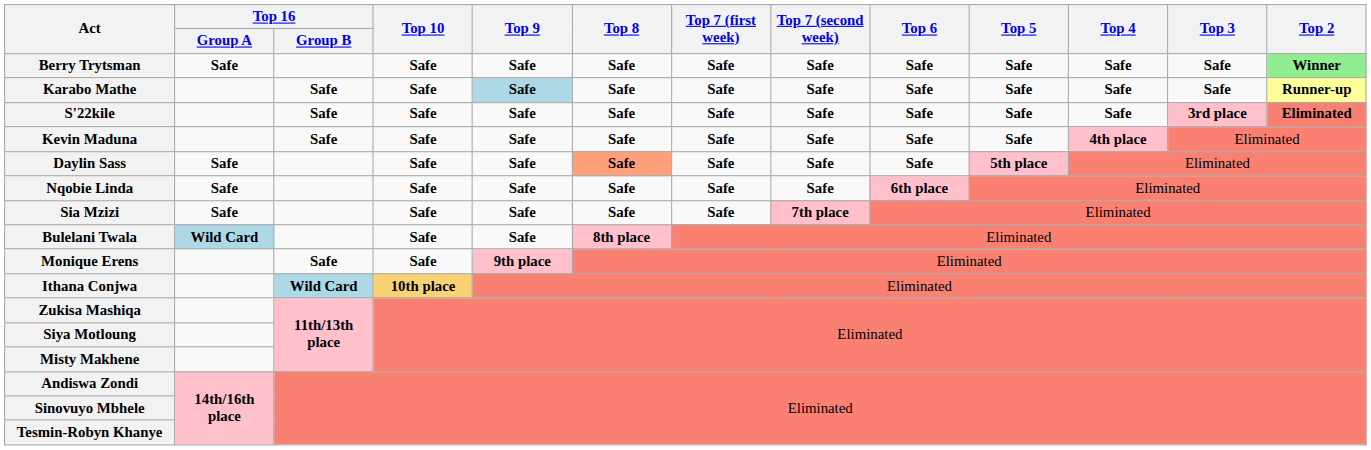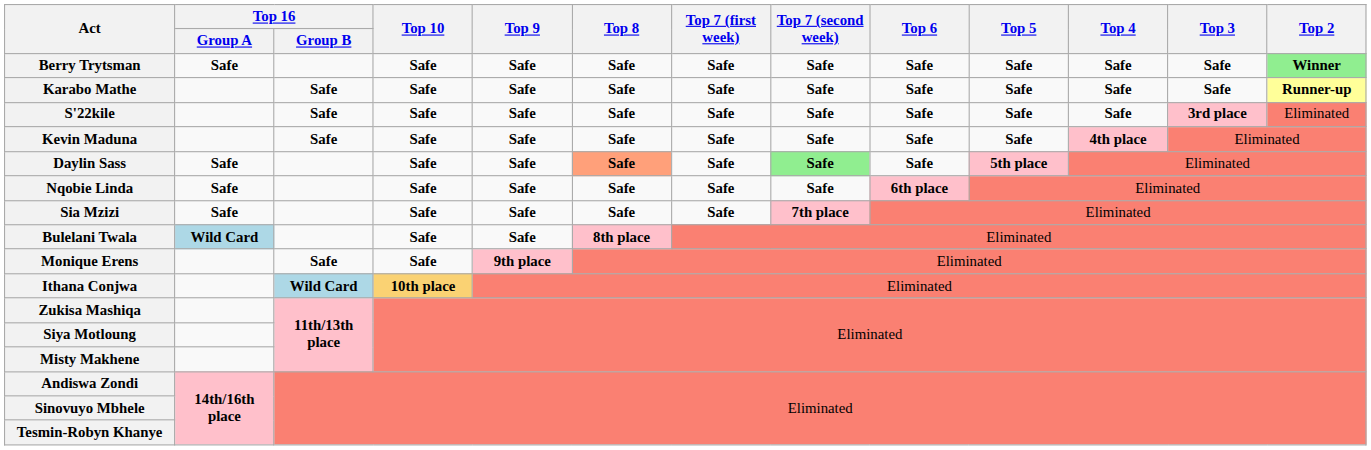 <table class="wikitable" style="text-align:center; font-size:85%">
 <tr>
 <th style="width:12%" rowspan="2"  scope="col">Act</th>
 <th style="width:7%" colspan="2" scope="col"><a href='#'>Top 16</a></th>
 <th style="width:7%" rowspan="2" scope="col"><a href='#'>Top 10</a></th>
 <th style="width:7%" rowspan="2" scope="col"><a href='#'>Top 9</a></th>
 <th style="width:7%" rowspan="2" scope="col"><a href='#'>Top 8</a></th>
 <th style="width:7%" rowspan="2" scope="col"><a href='#'>Top 7 (first week)</a></th>
 <th style="width:7%" rowspan="2" scope="col"><a href='#'>Top 7 (second week)</a></th>
 <th style="width:7%" rowspan="2" scope="col"><a href='#'>Top 6</a></th>
 <th style="width:7%" rowspan="2" scope="col"><a href='#'>Top 5</a></th>
 <th style="width:7%" rowspan="2" scope="col"><a href='#'>Top 4</a></th>
 <th style="width:7%" rowspan="2" scope="col"><a href='#'>Top 3</a></th>
 <th style="width:7%" rowspan="2" scope="col"><a href='#'>Top 2</a></th>
 </tr>
 <tr>
 <th style="width:7%"><a href='#'>Group A</a></th>
 <th style="width:7%"><a href='#'>Group B</a></th>
 </tr>
 <tr>
 <th scope="row">Berry Trytsman</th>
 <td><strong>Safe</strong></td>
 <td></td>
 <td><strong>Safe</strong></td>
 <td><strong>Safe</strong></td>
 <td><strong>Safe</strong></td>
 <td><strong>Safe</strong></td>
 <td><strong>Safe</strong></td>
 <td><strong>Safe</strong></td>
 <td><strong>Safe</strong></td>
 <td><strong>Safe</strong></td>
 <td><strong>Safe</strong></td>
 <td style="background:lightgreen"><strong>Winner</strong></td>
 </tr>
 <tr>
 <th scope="row">Karabo Mathe</th>
 <td></td>
 <td><strong>Safe</strong></td>
 <td><strong>Safe</strong></td>
-<td style="background: lightblue;"><strong>Safe</strong></td>
+<td><strong>Safe</strong></td>
 <td><strong>Safe</strong></td>
 <td><strong>Safe</strong></td>
 <td><strong>Safe</strong></td>
 <td><strong>Safe</strong></td>
 <td><strong>Safe</strong></td>
 <td><strong>Safe</strong></td>
 <td><strong>Safe</strong></td>
 <td style="background:#ff9"><strong>Runner-up</strong></td>
 </tr>
 <tr>
 <th scope="row">S'22kile</th>
 <td></td>
 <td><strong>Safe</strong></td>
 <td><strong>Safe</strong></td>
 <td><strong>Safe</strong></td>
 <td><strong>Safe</strong></td>
 <td><strong>Safe</strong></td>
 <td><strong>Safe</strong></td>
 <td><strong>Safe</strong></td>
 <td><strong>Safe</strong></td>
 <td><strong>Safe</strong></td>
 <td style="background:pink"><strong>3rd place</strong></td>
-<td style="background:salmon"><strong>Eliminated</strong></td>
+<td style="background:salmon">Eliminated</td>
 </tr>
 <tr>
 <th scope="row">Kevin Maduna</th>
 <td></td>
 <td><strong>Safe</strong></td>
 <td><strong>Safe</strong></td>
 <td><strong>Safe</strong></td>
 <td><strong>Safe</strong></td>
 <td><strong>Safe</strong></td>
 <td><strong>Safe</strong></td>
 <td><strong>Safe</strong></td>
 <td><strong>Safe</strong></td>
 <td style="background:pink"><strong>4th place</strong></td>
 <td colspan="2" style="background:salmon">Eliminated</td>
 </tr>
 <tr>
 <th scope="row">Daylin Sass</th>
 <td><strong>Safe</strong></td>
 <td></td>
 <td><strong>Safe</strong></td>
 <td><strong>Safe</strong></td>
 <td style="background: lightsalmon;"><strong>Safe</strong></td>
 <td><strong>Safe</strong></td>
-<td><strong>Safe</strong></td>
+<td style="background: lightgreen;"><strong>Safe</strong></td>
 <td><strong>Safe</strong></td>
 <td style="background:pink"><strong>5th place</strong></td>
 <td colspan="3" style="background:salmon">Eliminated</td>
 </tr>
 <tr>
 <th scope="row">Nqobie Linda</th>
 <td><strong>Safe</strong></td>
 <td></td>
 <td><strong>Safe</strong></td>
 <td><strong>Safe</strong></td>
 <td><strong>Safe</strong></td>
 <td><strong>Safe</strong></td>
 <td><strong>Safe</strong></td>
 <td style="background:pink"><strong>6th place</strong></td>
 <td colspan="4" style="background:salmon">Eliminated</td>
 </tr>
 <tr>
 <th scope="row">Sia Mzizi</th>
 <td><strong>Safe</strong></td>
 <td></td>
 <td><strong>Safe</strong></td>
 <td><strong>Safe</strong></td>
 <td><strong>Safe</strong></td>
 <td><strong>Safe</strong></td>
 <td style="background:pink"><strong>7th place</strong></td>
 <td colspan="5" style="background:salmon">Eliminated</td>
 </tr>
 <tr>
 <th scope="row">Bulelani Twala</th>
 <td style="background:#add8e6"><strong>Wild Card</strong></td>
 <td></td>
 <td><strong>Safe</strong></td>
 <td><strong>Safe</strong></td>
 <td style="background:pink"><strong>8th place</strong></td>
 <td colspan="8" style="background:salmon">Eliminated</td>
 </tr>
 <tr>
 <th scope="row">Monique Erens</th>
 <td></td>
 <td><strong>Safe</strong></td>
 <td><strong>Safe</strong></td>
 <td style="background:pink"><strong>9th place</strong></td>
 <td colspan="9" style="background:salmon">Eliminated</td>
 </tr>
 <tr>
 <th scope="row">Ithana Conjwa</th>
 <td></td>
 <td style="background:#add8e6"><strong>Wild Card</strong></td>
 <td style="background:#fad273"><strong>10th place</strong></td>
 <td colspan="10" style="background:salmon">Eliminated</td>
 </tr>
 <tr>
 <th scope="row">Zukisa Mashiqa</th>
 <td></td>
 <td rowspan="3" style="background:pink"><strong>11th/13th place</strong></td>
 <td colspan="11" rowspan="3" style="background:salmon">Eliminated</td>
 </tr>
 <tr>
 <th scope="row">Siya Motloung</th>
 <td></td>
 </tr>
 <tr>
 <th scope="row">Misty Makhene</th>
 <td></td>
 </tr>
 <tr>
 <th scope="row">Andiswa Zondi</th>
 <td rowspan="3" style="background:pink"><strong>14th/16th place</strong></td>
 <td colspan="12" rowspan="3" style="background:salmon">Eliminated</td>
 </tr>
 <tr>
 <th scope="row">Sinovuyo Mbhele</th>
 </tr>
 <tr>
 <th scope="row">Tesmin-Robyn Khanye</th>
 </tr>
 </table>
